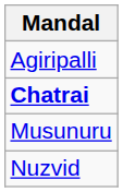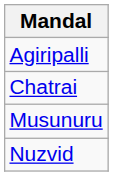 <table class="wikitable sortable static-row-numbers static-row-header-hash">
 <tr>
 <th>Mandal</th>
 </tr>
 <tr>
 <td><a href='#'>Agiripalli</a></td>
 </tr>
 <tr>
-<td><strong><a href='#'>Chatrai</a></strong></td>
+<td><a href='#'>Chatrai</a></td>
 </tr>
 <tr>
 <td><a href='#'>Musunuru</a></td>
 </tr>
 <tr>
 <td><a href='#'>Nuzvid</a></td>
 </tr>
 </table>
